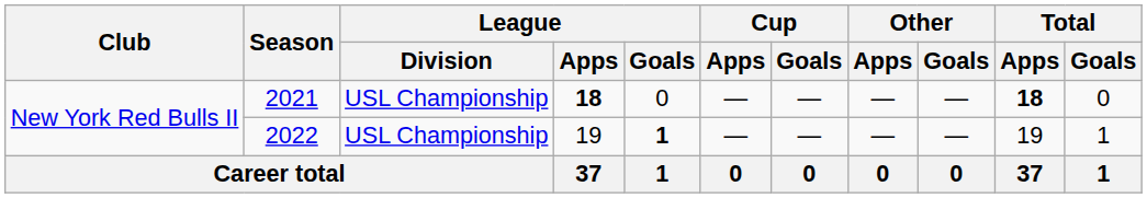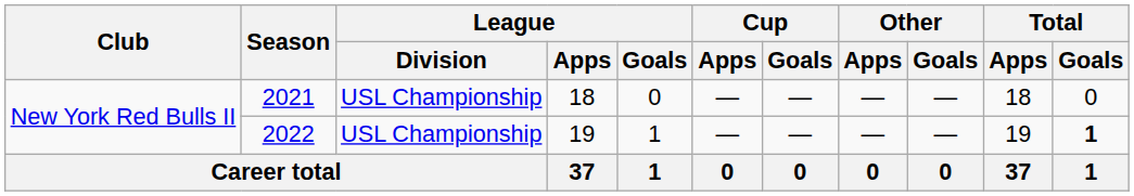 <table class=wikitable style=text-align:center>
 <tr>
 <th rowspan=2>Club</th>
 <th rowspan=2>Season</th>
 <th colspan=3>League</th>
 <th colspan=2>Cup</th>
 <th colspan=2>Other</th>
 <th colspan=2>Total</th>
 </tr>
 <tr>
 <th>Division</th>
 <th>Apps</th>
 <th>Goals</th>
 <th>Apps</th>
 <th>Goals</th>
 <th>Apps</th>
 <th>Goals</th>
 <th>Apps</th>
 <th>Goals</th>
 </tr>
 <tr>
 <td rowspan=2><a href='#'>New York Red Bulls II</a></td>
 <td><a href='#'>2021</a></td>
 <td><a href='#'>USL Championship</a></td>
-<td><strong>18</strong></td>
+<td>18</td>
 <td>0</td>
 <td>—</td>
 <td>—</td>
 <td>—</td>
 <td>—</td>
-<td><strong>18</strong></td>
+<td>18</td>
 <td>0</td>
 </tr>
 <tr>
 <td><a href='#'>2022</a></td>
 <td><a href='#'>USL Championship</a></td>
 <td>19</td>
-<td><strong>1</strong></td>
+<td>1</td>
 <td>—</td>
 <td>—</td>
 <td>—</td>
 <td>—</td>
 <td>19</td>
-<td>1</td>
+<td><strong>1</strong></td>
 </tr>
 <tr>
 <th colspan=3>Career total</th>
 <th>37</th>
 <th>1</th>
 <th>0</th>
 <th>0</th>
 <th>0</th>
 <th>0</th>
 <th>37</th>
 <th>1</th>
 </tr>
 </table>
